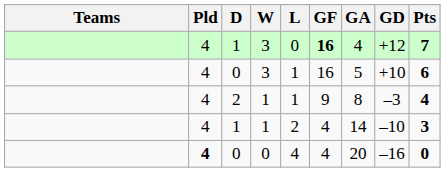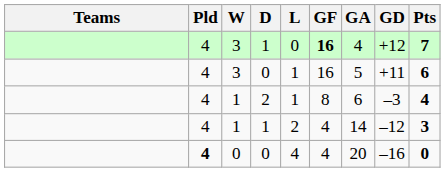 <table class="wikitable" style="text-align: center;">
 <tr>
 <th width=165>Teams</th>
 <th width=20>Pld</th>
+<th width=20>W</th>
 <th width=20>D</th>
-<th width=20>W</th>
 <th width=20>L</th>
 <th width=20>GF</th>
 <th width=20>GA</th>
 <th width=20>GD</th>
 <th width=20>Pts</th>
 </tr>
 <tr align=center style="background:#ccffcc;">
 <td style="text-align:left;"></td>
 <td>4</td>
+<td>3</td>
 <td>1</td>
-<td>3</td>
 <td>0</td>
 <td><strong>16</strong></td>
 <td>4</td>
 <td>+12</td>
 <td><strong>7</strong></td>
 </tr>
 <tr align=center>
 <td style="text-align:left;"></td>
 <td>4</td>
+<td>3</td>
 <td>0</td>
-<td>3</td>
 <td>1</td>
 <td>16</td>
 <td>5</td>
-<td>+10</td>
+<td>+11</td>
 <td><strong>6</strong></td>
 </tr>
 <tr align=center>
 <td style="text-align:left;"></td>
 <td>4</td>
+<td>1</td>
 <td>2</td>
 <td>1</td>
-<td>1</td>
-<td>9</td>
 <td>8</td>
+<td>6</td>
 <td>–3</td>
 <td><strong>4</strong></td>
 </tr>
 <tr align=center>
 <td style="text-align:left;"></td>
 <td>4</td>
 <td>1</td>
 <td>1</td>
 <td>2</td>
 <td>4</td>
 <td>14</td>
-<td>–10</td>
+<td>–12</td>
 <td><strong>3</strong></td>
 </tr>
 <tr align=center>
 <td style="text-align:left;"></td>
 <td><strong>4</strong></td>
 <td>0</td>
 <td>0</td>
 <td>4</td>
 <td>4</td>
 <td>20</td>
 <td>–16</td>
 <td><strong>0</strong></td>
 </tr>
 </table>
